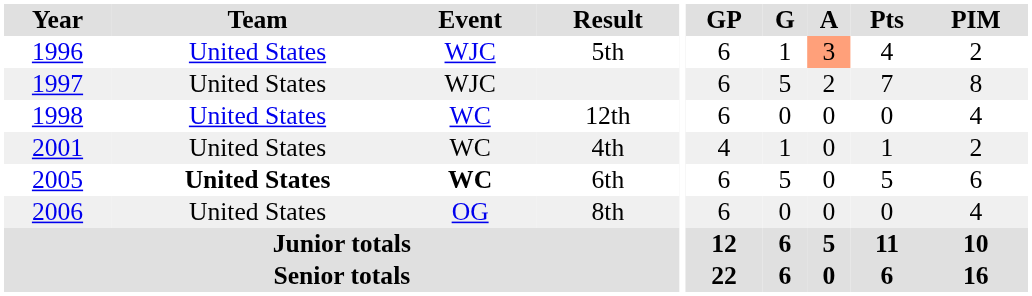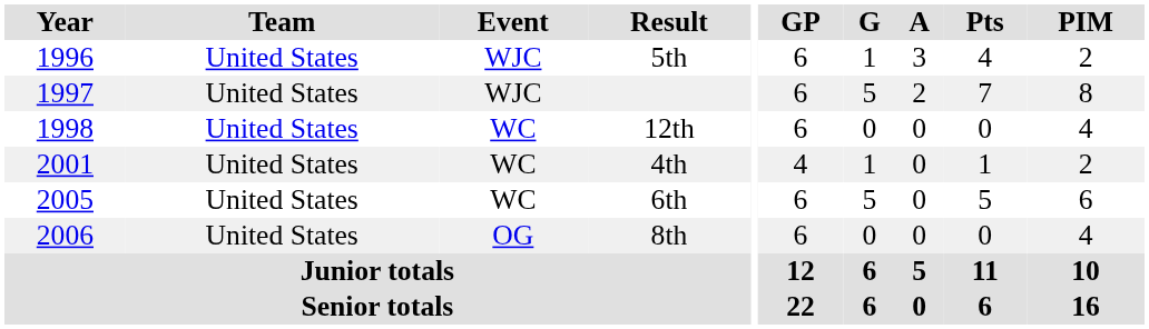 <table border="0" cellpadding="1" cellspacing="0" ID="Table3" style="text-align:center; width:40em">
 <tr ALIGN="center" bgcolor="#e0e0e0">
 <th>Year</th>
 <th>Team</th>
 <th>Event</th>
 <th>Result</th>
 <th rowspan="99" bgcolor="#ffffff"></th>
 <th>GP</th>
 <th>G</th>
 <th>A</th>
 <th>Pts</th>
 <th>PIM</th>
 </tr>
 <tr>
 <td><a href='#'>1996</a></td>
 <td><a href='#'>United States</a></td>
 <td><a href='#'>WJC</a></td>
 <td>5th</td>
 <td>6</td>
 <td>1</td>
-<td style="background: lightsalmon;">3</td>
+<td>3</td>
 <td>4</td>
 <td>2</td>
 </tr>
 <tr bgcolor="#f0f0f0">
 <td><a href='#'>1997</a></td>
 <td>United States</td>
 <td>WJC</td>
 <td></td>
 <td>6</td>
 <td>5</td>
 <td>2</td>
 <td>7</td>
 <td>8</td>
 </tr>
 <tr>
 <td><a href='#'>1998</a></td>
 <td><a href='#'>United States</a></td>
 <td><a href='#'>WC</a></td>
 <td>12th</td>
 <td>6</td>
 <td>0</td>
 <td>0</td>
 <td>0</td>
 <td>4</td>
 </tr>
 <tr bgcolor="#f0f0f0">
 <td><a href='#'>2001</a></td>
 <td>United States</td>
 <td>WC</td>
 <td>4th</td>
 <td>4</td>
 <td>1</td>
 <td>0</td>
 <td>1</td>
 <td>2</td>
 </tr>
 <tr>
 <td><a href='#'>2005</a></td>
-<td><strong>United States</strong></td>
-<td><strong>WC</strong></td>
+<td>United States</td>
+<td>WC</td>
 <td>6th</td>
 <td>6</td>
 <td>5</td>
 <td>0</td>
 <td>5</td>
 <td>6</td>
 </tr>
 <tr bgcolor="#f0f0f0">
 <td><a href='#'>2006</a></td>
 <td>United States</td>
 <td><a href='#'>OG</a></td>
 <td>8th</td>
 <td>6</td>
 <td>0</td>
 <td>0</td>
 <td>0</td>
 <td>4</td>
 </tr>
 <tr bgcolor="#e0e0e0">
 <th colspan="4">Junior totals</th>
 <th>12</th>
 <th>6</th>
 <th>5</th>
 <th>11</th>
 <th>10</th>
 </tr>
 <tr bgcolor="#e0e0e0">
 <th colspan="4">Senior totals</th>
 <th>22</th>
 <th>6</th>
 <th>0</th>
 <th>6</th>
 <th>16</th>
 </tr>
 </table>
